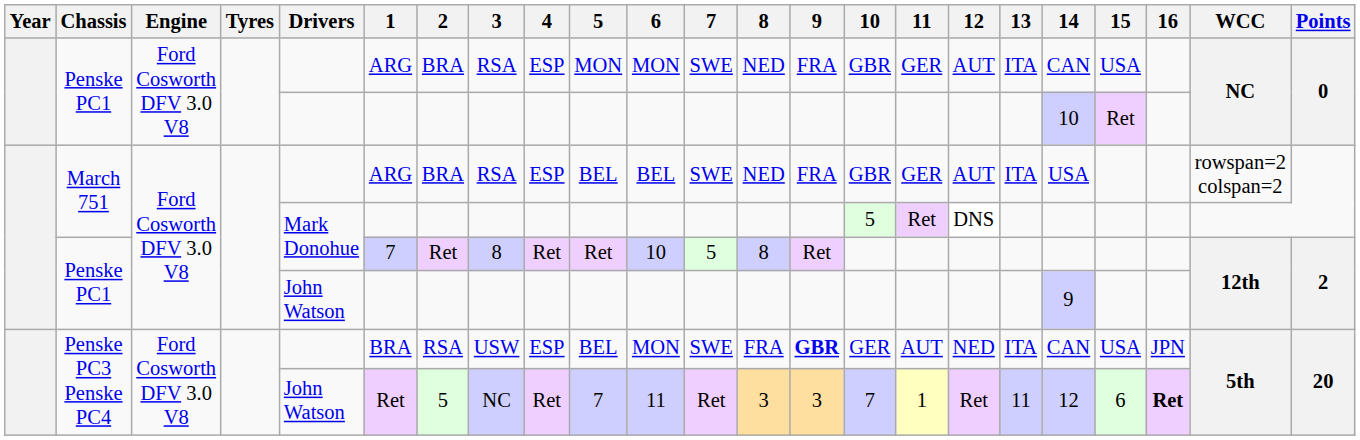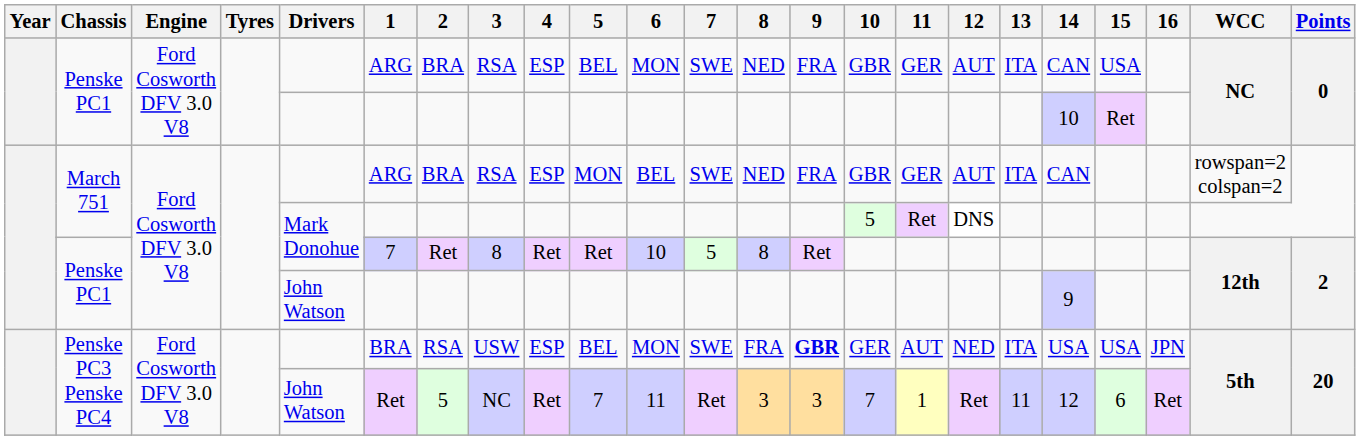 <table class="wikitable" style="text-align:center; font-size:85%">
 <tr>
 <th>Year</th>
 <th>Chassis</th>
 <th>Engine</th>
 <th>Tyres</th>
 <th>Drivers</th>
 <th>1</th>
 <th>2</th>
 <th>3</th>
 <th>4</th>
 <th>5</th>
 <th>6</th>
 <th>7</th>
 <th>8</th>
 <th>9</th>
 <th>10</th>
 <th>11</th>
 <th>12</th>
 <th>13</th>
 <th>14</th>
 <th>15</th>
 <th>16</th>
 <th>WCC</th>
 <th><a href='#'>Points</a></th>
 </tr>
 <tr>
 <th rowspan=2></th>
 <td rowspan=2><a href='#'>Penske</a> <a href='#'>PC1</a></td>
 <td rowspan=2><a href='#'>Ford Cosworth DFV</a> 3.0 <a href='#'>V8</a></td>
 <td rowspan=2></td>
 <td></td>
 <td><a href='#'>ARG</a></td>
 <td><a href='#'>BRA</a></td>
 <td><a href='#'>RSA</a></td>
 <td><a href='#'>ESP</a></td>
-<td><a href='#'>MON</a></td>
+<td><a href='#'>BEL</a></td>
 <td><a href='#'>MON</a></td>
 <td><a href='#'>SWE</a></td>
 <td><a href='#'>NED</a></td>
 <td><a href='#'>FRA</a></td>
 <td><a href='#'>GBR</a></td>
 <td><a href='#'>GER</a></td>
 <td><a href='#'>AUT</a></td>
 <td><a href='#'>ITA</a></td>
 <td><a href='#'>CAN</a></td>
 <td><a href='#'>USA</a></td>
 <td></td>
 <th rowspan=2>NC</th>
 <th rowspan=2>0</th>
 </tr>
 <tr>
 <td align="left"></td>
 <td></td>
 <td></td>
 <td></td>
 <td></td>
 <td></td>
 <td></td>
 <td></td>
 <td></td>
 <td></td>
 <td></td>
 <td></td>
 <td></td>
 <td></td>
 <td style="background:#cfcfff; text-align:center;">10</td>
 <td style="background:#efcfff; text-align:center;">Ret</td>
 <td></td>
 </tr>
 <tr>
 <th rowspan=4></th>
 <td rowspan=2><a href='#'>March</a> <a href='#'>751</a></td>
 <td rowspan=4><a href='#'>Ford Cosworth DFV</a> 3.0 <a href='#'>V8</a></td>
 <td rowspan=4></td>
 <td></td>
 <td><a href='#'>ARG</a></td>
 <td><a href='#'>BRA</a></td>
 <td><a href='#'>RSA</a></td>
 <td><a href='#'>ESP</a></td>
-<td><a href='#'>BEL</a></td>
+<td><a href='#'>MON</a></td>
 <td><a href='#'>BEL</a></td>
 <td><a href='#'>SWE</a></td>
 <td><a href='#'>NED</a></td>
 <td><a href='#'>FRA</a></td>
 <td><a href='#'>GBR</a></td>
 <td><a href='#'>GER</a></td>
 <td><a href='#'>AUT</a></td>
 <td><a href='#'>ITA</a></td>
-<td><a href='#'>USA</a></td>
+<td><a href='#'>CAN</a></td>
 <td></td>
 <td></td>
 <td>rowspan=2 colspan=2 </td>
 </tr>
 <tr>
 <td rowspan="2" align="left"> <a href='#'>Mark Donohue</a></td>
 <td></td>
 <td></td>
 <td></td>
 <td></td>
 <td></td>
 <td></td>
 <td></td>
 <td></td>
 <td></td>
 <td style="background:#dfffdf; text-align:center;">5</td>
 <td style="background:#efcfff; text-align:center;">Ret</td>
 <td style="background:#fff; text-align:center;">DNS</td>
 <td></td>
 <td></td>
 <td></td>
 <td></td>
 </tr>
 <tr>
 <td rowspan=2><a href='#'>Penske</a> <a href='#'>PC1</a></td>
 <td style="background:#cfcfff; text-align:center;">7</td>
 <td style="background:#efcfff; text-align:center;">Ret</td>
 <td style="background:#cfcfff; text-align:center;">8</td>
 <td style="background:#efcfff; text-align:center;">Ret</td>
 <td style="background:#efcfff; text-align:center;">Ret</td>
 <td style="background:#cfcfff; text-align:center;">10</td>
 <td style="background:#dfffdf; text-align:center;">5</td>
 <td style="background:#cfcfff; text-align:center;">8</td>
 <td style="background:#efcfff; text-align:center;">Ret</td>
 <td></td>
 <td></td>
 <td></td>
 <td></td>
 <td></td>
 <td></td>
 <td></td>
 <th rowspan=2>12th</th>
 <th rowspan=2>2</th>
 </tr>
 <tr>
 <td align="left"> <a href='#'>John Watson</a></td>
 <td></td>
 <td></td>
 <td></td>
 <td></td>
 <td></td>
 <td></td>
 <td></td>
 <td></td>
 <td></td>
 <td></td>
 <td></td>
 <td></td>
 <td></td>
 <td style="background:#cfcfff; text-align:center;">9</td>
 <td></td>
 <td></td>
 </tr>
 <tr>
 <th rowspan=2></th>
 <td rowspan=2><a href='#'>Penske</a> <a href='#'>PC3</a><br><a href='#'>Penske</a> <a href='#'>PC4</a></td>
 <td rowspan=2><a href='#'>Ford Cosworth DFV</a> 3.0 <a href='#'>V8</a></td>
 <td rowspan=2></td>
 <td></td>
 <td><a href='#'>BRA</a></td>
 <td><a href='#'>RSA</a></td>
 <td><a href='#'>USW</a></td>
 <td><a href='#'>ESP</a></td>
 <td><a href='#'>BEL</a></td>
 <td><a href='#'>MON</a></td>
 <td><a href='#'>SWE</a></td>
 <td><a href='#'>FRA</a></td>
 <td><strong><a href='#'>GBR</a></strong></td>
 <td><a href='#'>GER</a></td>
 <td><a href='#'>AUT</a></td>
 <td><a href='#'>NED</a></td>
 <td><a href='#'>ITA</a></td>
-<td><a href='#'>CAN</a></td>
+<td><a href='#'>USA</a></td>
 <td><a href='#'>USA</a></td>
 <td><a href='#'>JPN</a></td>
 <th rowspan=2>5th</th>
 <th rowspan=2>20</th>
 </tr>
 <tr>
 <td align="left"> <a href='#'>John Watson</a></td>
 <td style="background:#efcfff; text-align:center;">Ret</td>
 <td style="background:#dfffdf; text-align:center;">5</td>
 <td style="background:#cfcfff; text-align:center;">NC</td>
 <td style="background:#efcfff; text-align:center;">Ret</td>
 <td style="background:#cfcfff; text-align:center;">7</td>
 <td style="background:#cfcfff; text-align:center;">11</td>
 <td style="background:#efcfff; text-align:center;">Ret</td>
 <td style="background:#ffdf9f; text-align:center;">3</td>
 <td style="background:#ffdf9f; text-align:center;">3</td>
 <td style="background:#cfcfff; text-align:center;">7</td>
 <td style="background:#ffffbf; text-align:center;">1</td>
 <td style="background:#efcfff; text-align:center;">Ret</td>
 <td style="background:#cfcfff; text-align:center;">11</td>
 <td style="background:#cfcfff; text-align:center;">12</td>
 <td style="background:#dfffdf; text-align:center;">6</td>
-<td style="background:#efcfff; text-align:center;"><strong>Ret</strong></td>
+<td style="background:#efcfff; text-align:center;">Ret</td>
 </tr>
 </table>
